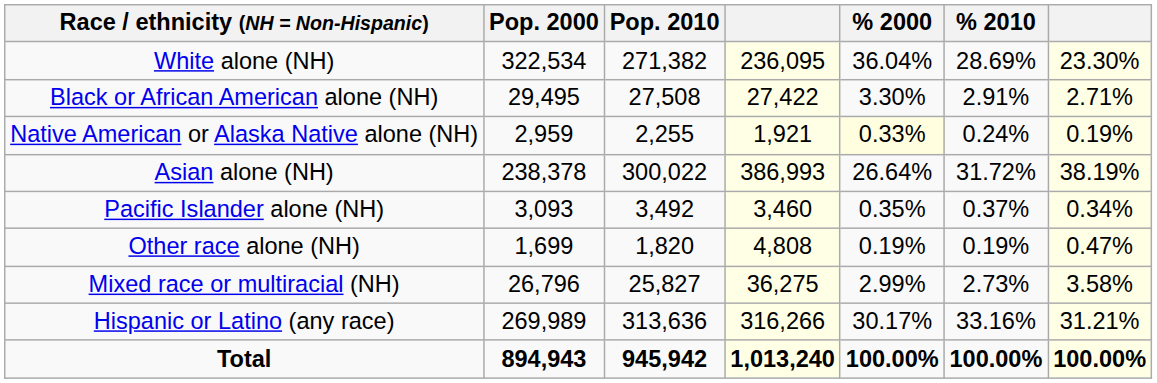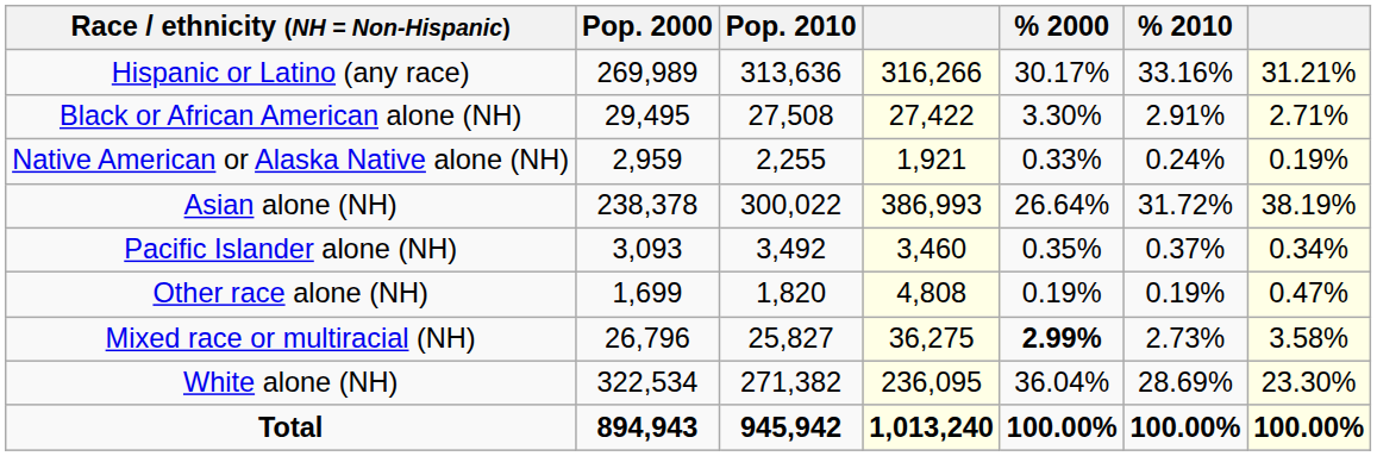 <table class="wikitable" style="text-align:center;">
 <tr>
 <th>Race / ethnicity <small>(<em>NH = Non-Hispanic</em>)</small></th>
 <th>Pop. 2000</th>
 <th>Pop. 2010</th>
 <th></th>
 <th>% 2000</th>
 <th>% 2010</th>
 <th></th>
 </tr>
 <tr>
-<td><a href='#'>White</a> alone (NH)</td>
-<td>322,534</td>
-<td>271,382</td>
-<td style='background: #ffffe6;'>236,095</td>
-<td>36.04%</td>
-<td>28.69%</td>
-<td style='background: #ffffe6;'>23.30%</td>
+<td><a href='#'>Hispanic or Latino</a> (any race)</td>
+<td>269,989</td>
+<td>313,636</td>
+<td style='background: #ffffe6;'>316,266</td>
+<td>30.17%</td>
+<td>33.16%</td>
+<td style='background: #ffffe6;'>31.21%</td>
 </tr>
 <tr>
 <td><a href='#'>Black or African American</a> alone (NH)</td>
 <td>29,495</td>
 <td>27,508</td>
 <td style='background: #ffffe6;'>27,422</td>
 <td>3.30%</td>
 <td>2.91%</td>
 <td style='background: #ffffe6;'>2.71%</td>
 </tr>
 <tr>
 <td><a href='#'>Native American</a> or <a href='#'>Alaska Native</a> alone (NH)</td>
 <td>2,959</td>
 <td>2,255</td>
 <td style='background: #ffffe6;'>1,921</td>
-<td style="background: lightyellow;">0.33%</td>
+<td>0.33%</td>
 <td>0.24%</td>
 <td style='background: #ffffe6;'>0.19%</td>
 </tr>
 <tr>
 <td><a href='#'>Asian</a> alone (NH)</td>
 <td>238,378</td>
 <td>300,022</td>
 <td style='background: #ffffe6;'>386,993</td>
 <td>26.64%</td>
 <td>31.72%</td>
 <td style='background: #ffffe6;'>38.19%</td>
 </tr>
 <tr>
 <td><a href='#'>Pacific Islander</a> alone (NH)</td>
 <td>3,093</td>
 <td>3,492</td>
 <td style='background: #ffffe6;'>3,460</td>
 <td>0.35%</td>
 <td>0.37%</td>
 <td style='background: #ffffe6;'>0.34%</td>
 </tr>
 <tr>
 <td><a href='#'>Other race</a> alone (NH)</td>
 <td>1,699</td>
 <td>1,820</td>
 <td style='background: #ffffe6;'>4,808</td>
 <td>0.19%</td>
 <td>0.19%</td>
 <td style='background: #ffffe6;'>0.47%</td>
 </tr>
 <tr>
 <td><a href='#'>Mixed race or multiracial</a> (NH)</td>
 <td>26,796</td>
 <td>25,827</td>
 <td style='background: #ffffe6;'>36,275</td>
-<td>2.99%</td>
+<td><strong>2.99%</strong></td>
 <td>2.73%</td>
 <td style='background: #ffffe6;'>3.58%</td>
 </tr>
 <tr>
-<td><a href='#'>Hispanic or Latino</a> (any race)</td>
-<td>269,989</td>
-<td>313,636</td>
-<td style='background: #ffffe6;'>316,266</td>
-<td>30.17%</td>
-<td>33.16%</td>
-<td style='background: #ffffe6;'>31.21%</td>
+<td><a href='#'>White</a> alone (NH)</td>
+<td>322,534</td>
+<td>271,382</td>
+<td style='background: #ffffe6;'>236,095</td>
+<td>36.04%</td>
+<td>28.69%</td>
+<td style='background: #ffffe6;'>23.30%</td>
 </tr>
 <tr>
 <td><strong>Total</strong></td>
 <td><strong>894,943</strong></td>
 <td><strong>945,942</strong></td>
 <td style='background: #ffffe6;'><strong>1,013,240</strong></td>
 <td><strong>100.00%</strong></td>
 <td><strong>100.00%</strong></td>
 <td style='background: #ffffe6;'><strong>100.00%</strong></td>
 </tr>
 </table>
